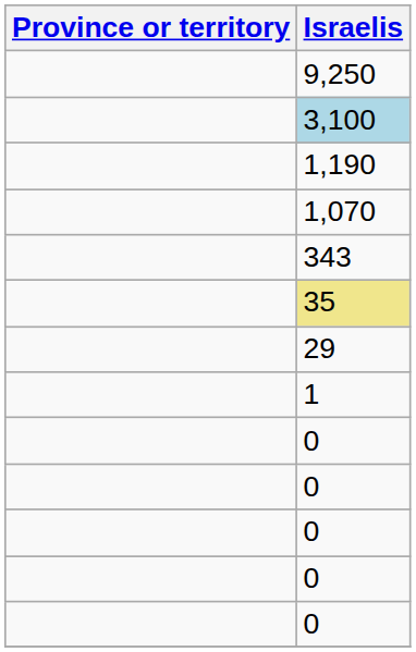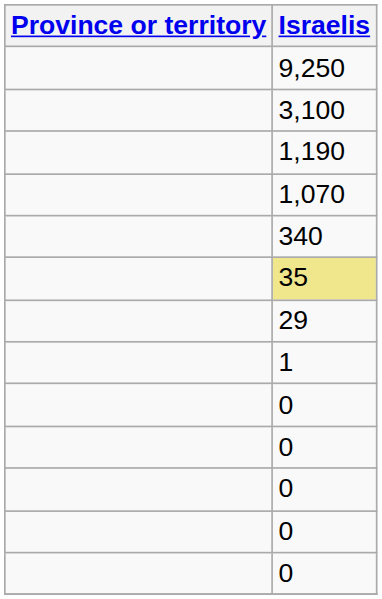 <table class="wikitable sortable">
 <tr>
 <th><a href='#'>Province or territory</a></th>
 <th><a href='#'>Israelis</a></th>
 </tr>
 <tr>
 <td></td>
 <td>9,250</td>
 </tr>
 <tr>
 <td></td>
-<td style="background: lightblue;">3,100</td>
+<td>3,100</td>
 </tr>
 <tr>
 <td></td>
 <td>1,190</td>
 </tr>
 <tr>
 <td></td>
 <td>1,070</td>
 </tr>
 <tr>
 <td></td>
-<td>343</td>
+<td>340</td>
 </tr>
 <tr>
 <td></td>
 <td style="background: khaki;">35</td>
 </tr>
 <tr>
 <td></td>
 <td>29</td>
 </tr>
 <tr>
 <td></td>
 <td>1</td>
 </tr>
 <tr>
 <td></td>
 <td>0</td>
 </tr>
 <tr>
 <td></td>
 <td>0</td>
 </tr>
 <tr>
 <td></td>
 <td>0</td>
 </tr>
 <tr>
 <td></td>
 <td>0</td>
 </tr>
 <tr>
 <td></td>
 <td>0</td>
 </tr>
 <tr>
 </tr>
 </table>
